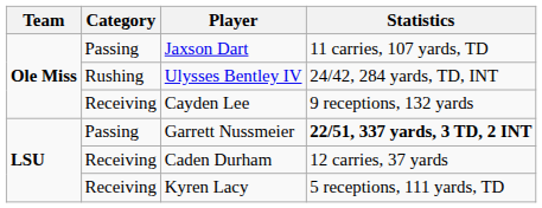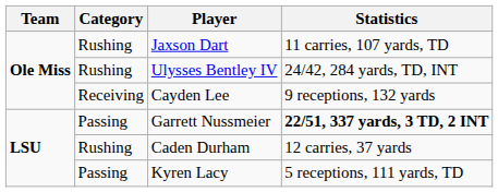 <table class="wikitable" style="float: right;">
 <tr>
 <th>Team</th>
 <th>Category</th>
 <th>Player</th>
 <th>Statistics</th>
 </tr>
 <tr>
 <td rowspan=3><strong>Ole Miss</strong></td>
-<td>Passing</td>
+<td>Rushing</td>
 <td><a href='#'>Jaxson Dart</a></td>
 <td>11 carries, 107 yards, TD</td>
 </tr>
 <tr>
 <td>Rushing</td>
 <td><a href='#'>Ulysses Bentley IV</a></td>
 <td>24/42, 284 yards, TD, INT</td>
 </tr>
 <tr>
 <td>Receiving</td>
 <td>Cayden Lee</td>
 <td>9 receptions, 132 yards</td>
 </tr>
 <tr>
 <td rowspan=3><strong>LSU</strong></td>
 <td>Passing</td>
 <td>Garrett Nussmeier</td>
 <td><strong>22/51, 337 yards, 3 TD, 2 INT</strong></td>
 </tr>
 <tr>
-<td>Receiving</td>
+<td>Rushing</td>
 <td>Caden Durham</td>
 <td>12 carries, 37 yards</td>
 </tr>
 <tr>
-<td>Receiving</td>
+<td>Passing</td>
 <td>Kyren Lacy</td>
 <td>5 receptions, 111 yards, TD</td>
 </tr>
 </table>
